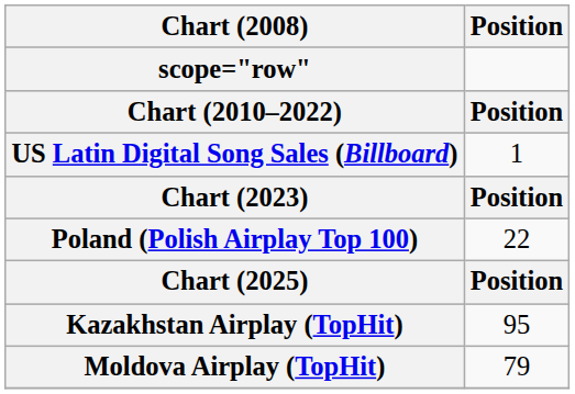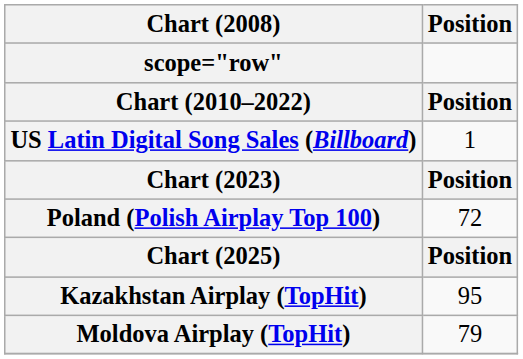 <table class="wikitable plainrowheaders" style="text-align:center">
 <tr>
 <th>Chart (2008)</th>
 <th>Position</th>
 </tr>
 <tr>
 <th>scope="row" </th>
 </tr>
 <tr>
 <th>Chart (2010–2022)</th>
 <th>Position</th>
 </tr>
 <tr>
 <th scope="row">US <a href='#'>Latin Digital Song Sales</a> (<em><a href='#'>Billboard</a></em>)</th>
 <td>1</td>
 </tr>
 <tr>
 <th>Chart (2023)</th>
 <th>Position</th>
 </tr>
 <tr>
 <th scope="row">Poland (<a href='#'>Polish Airplay Top 100</a>)</th>
-<td>22</td>
+<td>72</td>
 </tr>
 <tr>
 <th>Chart (2025)</th>
 <th>Position</th>
 </tr>
 <tr>
 <th scope="row">Kazakhstan Airplay (<a href='#'>TopHit</a>)</th>
 <td>95</td>
 </tr>
 <tr>
 <th scope="row">Moldova Airplay (<a href='#'>TopHit</a>)</th>
 <td>79</td>
 </tr>
 <tr>
 </tr>
 </table>
